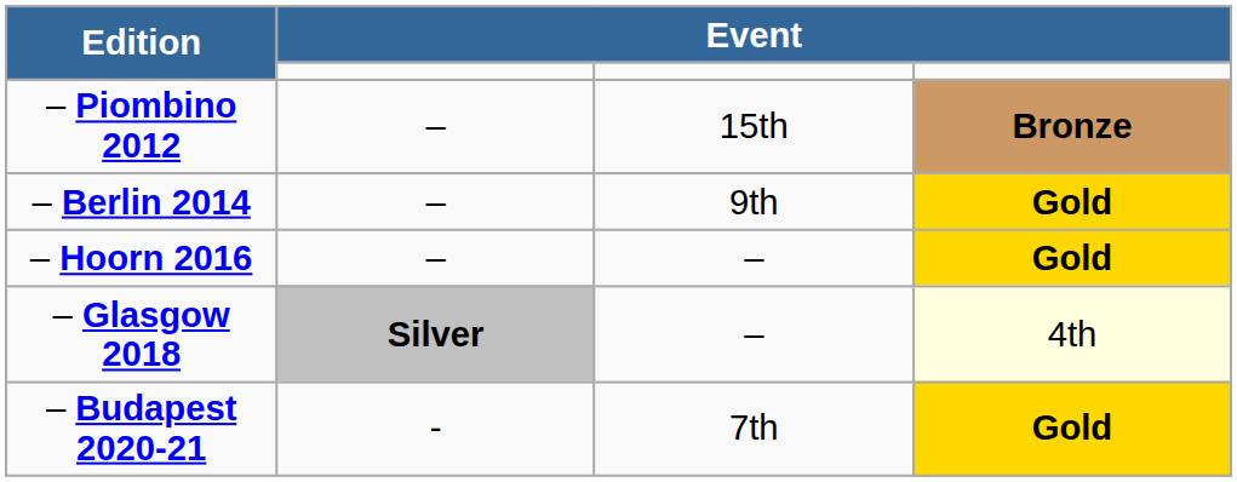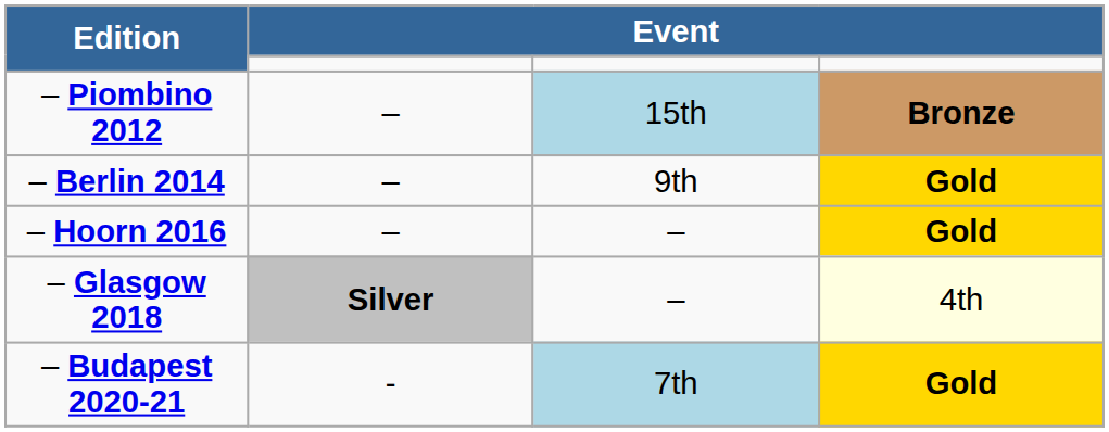 <table class="wikitable centre" style="font-size:90%; text-align:center" width="80%">
 <tr style="background-color:#369">
 <td rowspan="2" width="17%" style="color:white"><strong>Edition</strong></td>
 <td colspan="6" style="color:white"><strong>Event</strong></td>
 </tr>
 <tr>
 <td width="20%"><strong></strong></td>
 <td width="20%"><strong></strong></td>
 <td width="20%"><strong></strong></td>
 </tr>
 <tr>
 <td> – <strong><a href='#'>Piombino 2012</a></strong></td>
 <td>–</td>
-<td>15th <br> </td>
+<td style="background: lightblue;">15th <br> </td>
 <td bgcolor="CC9966"> <strong>Bronze</strong> <br> </td>
 </tr>
 <tr>
 <td> – <strong><a href='#'>Berlin 2014</a></strong></td>
 <td>–</td>
 <td>9th <br> </td>
 <td bgcolor="gold"> <strong>Gold</strong> <br> </td>
 </tr>
 <tr>
 <td> – <strong><a href='#'>Hoorn 2016</a></strong></td>
 <td>–</td>
 <td>–</td>
 <td bgcolor="gold"> <strong>Gold</strong> <br> </td>
 </tr>
 <tr>
 <td> – <strong><a href='#'>Glasgow 2018</a></strong></td>
 <td bgcolor="silver"> <strong>Silver</strong> <br> </td>
 <td>–</td>
 <td style="background: lightyellow;">4th <br> </td>
 </tr>
 <tr>
 <td> – <strong><a href='#'>Budapest 2020-21</a></strong></td>
 <td>-</td>
-<td>7th <br> </td>
+<td style="background: lightblue;">7th <br> </td>
 <td bgcolor="gold"> <strong>Gold</strong> <br> </td>
 </tr>
 </table>
